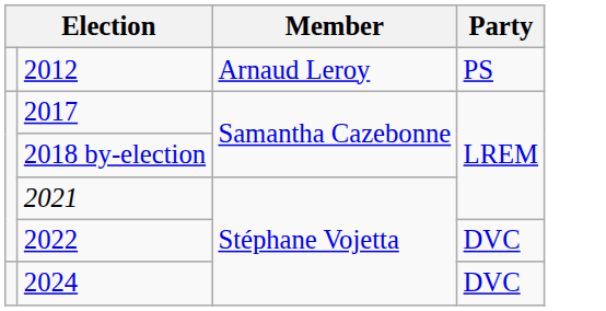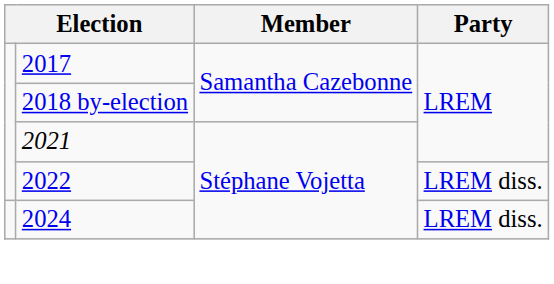 <table class="wikitable">
 <tr>
 <th colspan="2">Election</th>
 <th>Member</th>
 <th>Party</th>
-</tr>
-<tr>
-<td style="color:inherit;background-color: "></td>
-<td><a href='#'>2012</a></td>
-<td><a href='#'>Arnaud Leroy</a></td>
-<td><a href='#'>PS</a></td>
 </tr>
 <tr>
 <td rowspan="4" style="color:inherit;background-color: "></td>
 <td><a href='#'>2017</a></td>
 <td rowspan="2"><a href='#'>Samantha Cazebonne</a></td>
 <td rowspan="3"><a href='#'>LREM</a></td>
 </tr>
 <tr>
 <td><a href='#'>2018 by-election</a></td>
 </tr>
 <tr>
 <td><em>2021</em></td>
 <td rowspan="3"><a href='#'>Stéphane Vojetta</a></td>
 </tr>
 <tr>
 <td><a href='#'>2022</a></td>
-<td><a href='#'>DVC</a></td>
+<td><a href='#'>LREM</a> diss.</td>
 </tr>
 <tr>
 <td style="color:inherit;background-color: "></td>
 <td><a href='#'>2024</a></td>
-<td><a href='#'>DVC</a></td>
+<td><a href='#'>LREM</a> diss.</td>
 </tr>
 </table>
